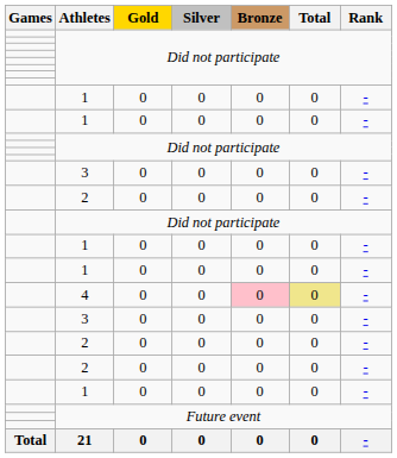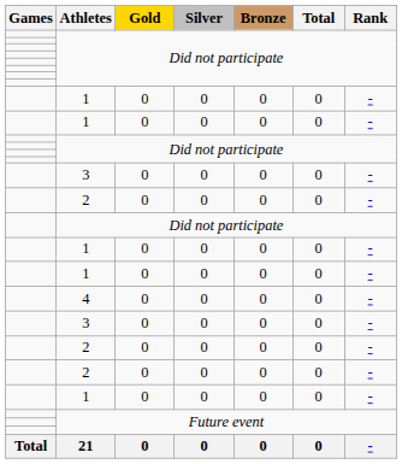 <table class="wikitable" style="text-align:center; font-size:90%;">
 <tr>
 <th>Games</th>
 <th>Athletes</th>
 <td style="background:gold; width:3.5em; font-weight:bold;">Gold</td>
 <td style="background:silver; width:3.5em; font-weight:bold;">Silver</td>
 <td style="background:#cc9966; width:3.5em; font-weight:bold;">Bronze</td>
 <th style="width:3em; font-weight:bold;">Total</th>
 <th style="width:3em; font-weight:bold;">Rank</th>
 </tr>
 <tr>
 <td align=left> </td>
 <td colspan=6; rowspan=8><em>Did not participate</em></td>
 </tr>
 <tr>
 <td align=left> </td>
 </tr>
 <tr>
 <td align=left> </td>
 </tr>
 <tr>
 <td align=left> </td>
 </tr>
 <tr>
 <td align=left> </td>
 </tr>
 <tr>
 <td align=left> </td>
 </tr>
 <tr>
 <td align=left> </td>
 </tr>
 <tr>
 <td align=left> </td>
 </tr>
 <tr>
 <td align=left> </td>
 <td>1</td>
 <td>0</td>
 <td>0</td>
 <td>0</td>
 <td>0</td>
 <td><a href='#'>-</a></td>
 </tr>
 <tr>
 <td align=left> </td>
 <td>1</td>
 <td>0</td>
 <td>0</td>
 <td>0</td>
 <td>0</td>
 <td><a href='#'>-</a></td>
 </tr>
 <tr>
 <td align=left> </td>
 <td colspan=6; rowspan=4><em>Did not participate</em></td>
 </tr>
 <tr>
 <td align=left> </td>
 </tr>
 <tr>
 <td align=left> </td>
 </tr>
 <tr>
 <td align=left> </td>
 </tr>
 <tr>
 <td align=left> </td>
 <td>3</td>
 <td>0</td>
 <td>0</td>
 <td>0</td>
 <td>0</td>
 <td><a href='#'>-</a></td>
 </tr>
 <tr>
 <td align=left> </td>
 <td>2</td>
 <td>0</td>
 <td>0</td>
 <td>0</td>
 <td>0</td>
 <td><a href='#'>-</a></td>
 </tr>
 <tr>
 <td align=left> </td>
 <td colspan=6><em>Did not participate</em></td>
 </tr>
 <tr>
 <td align=left> </td>
 <td>1</td>
 <td>0</td>
 <td>0</td>
 <td>0</td>
 <td>0</td>
 <td><a href='#'>-</a></td>
 </tr>
 <tr>
 <td align=left> </td>
 <td>1</td>
 <td>0</td>
 <td>0</td>
 <td>0</td>
 <td>0</td>
 <td><a href='#'>-</a></td>
 </tr>
 <tr>
 <td align=left> </td>
 <td>4</td>
 <td>0</td>
 <td>0</td>
-<td style="background: pink;">0</td>
-<td style="background: khaki;">0</td>
+<td>0</td>
+<td>0</td>
 <td><a href='#'>-</a></td>
 </tr>
 <tr>
 <td align=left> </td>
 <td>3</td>
 <td>0</td>
 <td>0</td>
 <td>0</td>
 <td>0</td>
 <td><a href='#'>-</a></td>
 </tr>
 <tr>
 <td align=left> </td>
 <td>2</td>
 <td>0</td>
 <td>0</td>
 <td>0</td>
 <td>0</td>
 <td><a href='#'>-</a></td>
 </tr>
 <tr>
 <td align=left> </td>
 <td>2</td>
 <td>0</td>
 <td>0</td>
 <td>0</td>
 <td>0</td>
 <td><a href='#'>-</a></td>
 </tr>
 <tr>
 <td align=left> </td>
 <td>1</td>
 <td>0</td>
 <td>0</td>
 <td>0</td>
 <td>0</td>
 <td><a href='#'>-</a></td>
 </tr>
 <tr>
 <td align=left> <em></em></td>
 <td rowspan="3" colspan="6"><em>Future event</em></td>
 </tr>
 <tr>
 <td align=left> <em></em></td>
 </tr>
 <tr>
 <td align=left> <em></em></td>
 </tr>
 <tr>
 <th>Total</th>
 <th>21</th>
 <th>0</th>
 <th>0</th>
 <th>0</th>
 <th>0</th>
 <th><a href='#'>-</a></th>
 </tr>
 </table>
